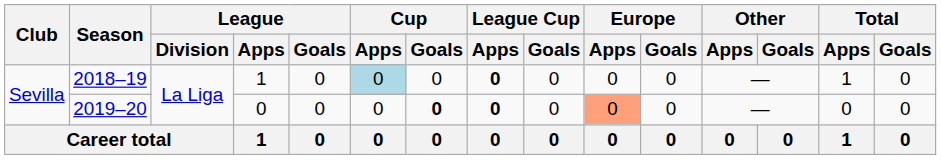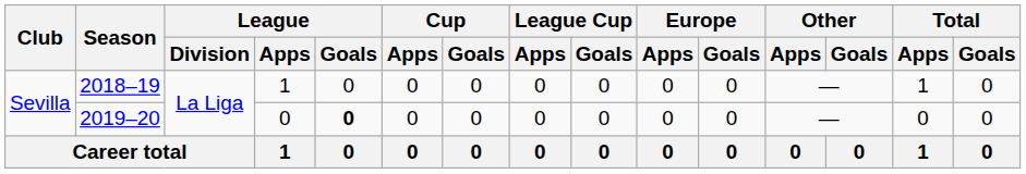 <table class="wikitable" style="text-align: center">
 <tr>
 <th rowspan="2">Club</th>
 <th rowspan="2">Season</th>
 <th colspan="3">League</th>
 <th colspan="2">Cup</th>
 <th colspan="2">League Cup</th>
 <th colspan="2">Europe</th>
 <th colspan="2">Other</th>
 <th colspan="2">Total</th>
 </tr>
 <tr>
 <th>Division</th>
 <th>Apps</th>
 <th>Goals</th>
 <th>Apps</th>
 <th>Goals</th>
 <th>Apps</th>
 <th>Goals</th>
 <th>Apps</th>
 <th>Goals</th>
 <th>Apps</th>
 <th>Goals</th>
 <th>Apps</th>
 <th>Goals</th>
 </tr>
 <tr>
 <td rowspan="2"><a href='#'>Sevilla</a></td>
 <td><a href='#'>2018–19</a></td>
 <td rowspan="2"><a href='#'>La Liga</a></td>
 <td>1</td>
 <td>0</td>
-<td style="background: lightblue;">0</td>
 <td>0</td>
-<td><strong>0</strong></td>
+<td>0</td>
+<td>0</td>
 <td>0</td>
 <td>0</td>
 <td>0</td>
 <td colspan="2">—</td>
 <td>1</td>
 <td>0</td>
 </tr>
 <tr>
 <td><a href='#'>2019–20</a></td>
 <td>0</td>
+<td><strong>0</strong></td>
 <td>0</td>
 <td>0</td>
-<td><strong>0</strong></td>
-<td><strong>0</strong></td>
 <td>0</td>
-<td style="background: lightsalmon;">0</td>
+<td>0</td>
+<td>0</td>
 <td>0</td>
 <td colspan="2">—</td>
 <td>0</td>
 <td>0</td>
 </tr>
 <tr>
 <th colspan="3">Career total</th>
 <th>1</th>
 <th>0</th>
 <th>0</th>
 <th>0</th>
 <th>0</th>
 <th>0</th>
 <th>0</th>
 <th>0</th>
 <th>0</th>
 <th>0</th>
 <th>1</th>
 <th>0</th>
 </tr>
 </table>
